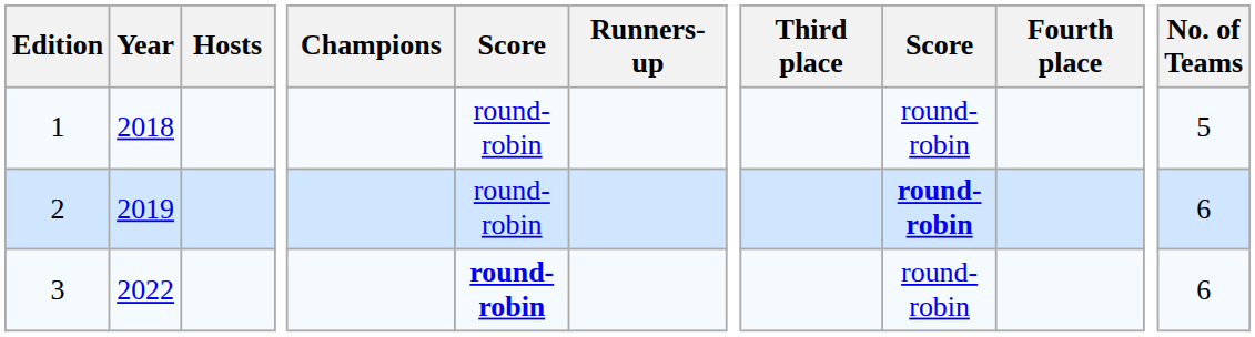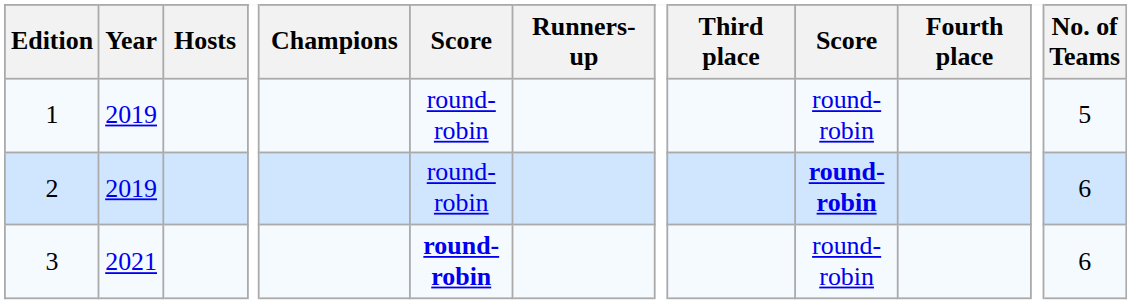 <table class="wikitable" style="text-align:center;width:100%; font-size:90%;">
 <tr>
 <th width=2%>Edition</th>
 <th width=5%>Year</th>
 <th width=8%>Hosts</th>
 <td rowspan="5" style="width:1%;background:#fff;border-top-style:hidden;border-bottom-style:hidden;"></td>
 <th style="width:14%;">Champions</th>
 <th width=10%>Score</th>
 <th style="width:14%;">Runners-up</th>
 <td rowspan="5" style="width:1%;background:#fff;border-top-style:hidden;border-bottom-style:hidden;"></td>
 <th style="width:14%;">Third place</th>
 <th width=10%>Score</th>
 <th style="width:14%;">Fourth place</th>
 <td rowspan="5" style="width:1%;background:#fff;border-top-style:hidden;border-bottom-style:hidden;"></td>
 <th width=4%>No. of Teams</th>
 </tr>
 <tr bgcolor=#F5FAFF>
 <td>1</td>
-<td><a href='#'>2018</a></td>
+<td><a href='#'>2019</a></td>
 <td align="left"></td>
 <td><strong></strong></td>
 <td><a href='#'>round-robin</a></td>
 <td></td>
 <td></td>
 <td><a href='#'>round-robin</a></td>
 <td></td>
 <td>5</td>
 </tr>
 <tr bgcolor=#D0E6FF>
 <td>2</td>
 <td><a href='#'>2019</a></td>
 <td align="left"></td>
 <td><strong></strong></td>
 <td><a href='#'>round-robin</a></td>
 <td></td>
 <td></td>
 <td><strong><a href='#'>round-robin</a></strong></td>
 <td></td>
 <td>6</td>
 </tr>
 <tr bgcolor=#F5FAFF>
 <td>3</td>
-<td><a href='#'>2022</a></td>
+<td><a href='#'>2021</a></td>
 <td align="left"></td>
 <td><strong></strong></td>
 <td><strong><a href='#'>round-robin</a></strong></td>
 <td></td>
 <td></td>
 <td><a href='#'>round-robin</a></td>
 <td></td>
 <td>6</td>
 </tr>
 </table>
